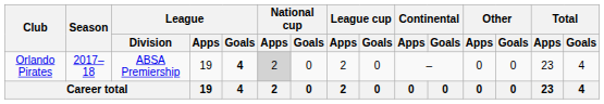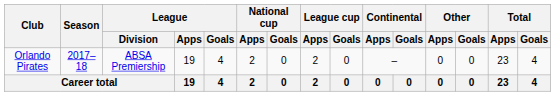 <table class="wikitable" style="text-align:center">
 <tr>
 <th rowspan="2">Club</th>
 <th rowspan="2">Season</th>
 <th colspan="3">League</th>
 <th colspan="2">National cup</th>
 <th colspan="2">League cup</th>
 <th colspan="2">Continental</th>
 <th colspan="2">Other</th>
 <th colspan="2">Total</th>
 </tr>
 <tr>
 <th>Division</th>
 <th>Apps</th>
 <th>Goals</th>
 <th>Apps</th>
 <th>Goals</th>
 <th>Apps</th>
 <th>Goals</th>
 <th>Apps</th>
 <th>Goals</th>
 <th>Apps</th>
 <th>Goals</th>
 <th>Apps</th>
 <th>Goals</th>
 </tr>
 <tr>
 <td><a href='#'>Orlando Pirates</a></td>
 <td><a href='#'>2017–18</a></td>
 <td><a href='#'>ABSA Premiership</a></td>
 <td>19</td>
-<td><strong>4</strong></td>
-<td style="background: lightgrey;">2</td>
+<td>4</td>
+<td>2</td>
 <td>0</td>
 <td>2</td>
 <td>0</td>
 <td colspan="2">–</td>
 <td>0</td>
 <td>0</td>
 <td>23</td>
 <td>4</td>
 </tr>
 <tr>
 <th colspan="3">Career total</th>
 <th>19</th>
 <th>4</th>
 <th>2</th>
 <th>0</th>
 <th>2</th>
 <th>0</th>
 <th>0</th>
 <th>0</th>
 <th>0</th>
 <th>0</th>
 <th>23</th>
 <th>4</th>
 </tr>
 </table>
